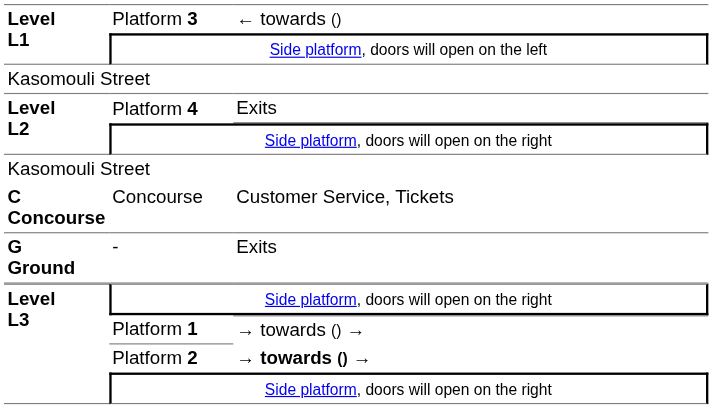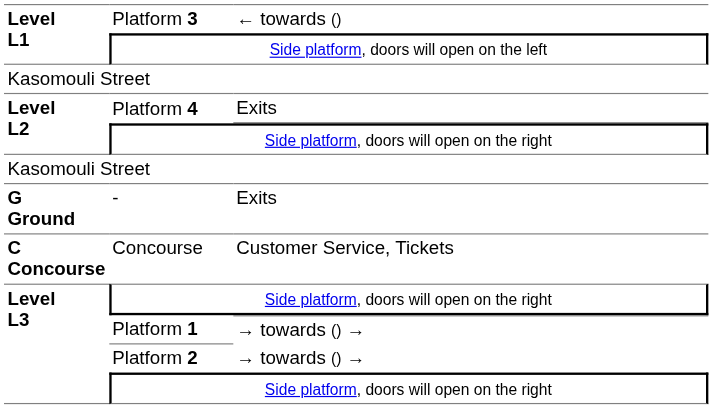 <table border=0 cellspacing=0 cellpadding=3>
 <tr>
 <td style="border-top:solid 1px gray;border-bottom:solid 1px gray;" rowspan=2 width=50 valign=top><strong>Level<br>L1</strong></td>
 <td style="border-top:solid 1px gray;">Platform <span><strong>3</strong></span></td>
 <td style="border-top:solid 1px gray;">←  towards  <small>()</small></td>
 </tr>
 <tr>
 <td style="border-bottom:solid 1px gray; border-right:solid 2px black;border-left:solid 2px black;border-top:solid 2px black;text-align:center;" colspan=2><small><a href='#'>Side platform</a>, doors will open on the left</small></td>
 </tr>
 <tr>
 <td colspan=3>Kasomouli Street</td>
 </tr>
 <tr>
 <td style="border-top:solid 1px gray;border-bottom:solid 1px gray;" rowspan=2 width=50 valign=top><strong>Level<br>L2</strong></td>
 <td style="border-top:solid 1px gray;">Platform <span><strong>4</strong></span></td>
 <td style="border-top:solid 1px gray;border-bottom:solid 1px gray;" width=400 valign=top>Exits</td>
 </tr>
 <tr>
 <td style="border-bottom:solid 1px gray; border-right:solid 2px black;border-left:solid 2px black;border-top:solid 2px black;text-align:center;" colspan=2><small><a href='#'>Side platform</a>, doors will open on the right</small></td>
 </tr>
 <tr>
 <td colspan=3>Kasomouli Street</td>
 </tr>
 <tr>
+<td style="border-bottom:solid 1px gray;border-top:solid 1px gray;" width=50 valign=top><strong>G<br>Ground</strong></td>
+<td style="border-top:solid 1px gray;border-bottom:solid 1px gray;" width=100 valign=top>-</td>
+<td style="border-top:solid 1px gray;border-bottom:solid 1px gray;" width=400 valign=top>Exits</td>
+</tr>
+<tr>
 <td valign=top><strong>C<br>Concourse</strong></td>
 <td valign=top>Concourse</td>
 <td valign=top>Customer Service, Tickets</td>
-</tr>
-<tr>
-<td style="border-bottom:solid 1px gray;border-top:solid 1px gray;" width=50 valign=top><strong>G<br>Ground</strong></td>
-<td style="border-top:solid 1px gray;border-bottom:solid 1px gray;" width=100 valign=top>-</td>
-<td style="border-top:solid 1px gray;border-bottom:solid 1px gray;" width=400 valign=top>Exits</td>
 </tr>
 <tr>
 <td style="border-top:solid 1px gray;border-bottom:solid 1px gray;" rowspan=4 valign=top><strong>Level<br>L3</strong></td>
 <td style="border-top:solid 1px gray;border-right:solid 2px black;border-left:solid 2px black;border-bottom:solid 2px black;text-align:center;" colspan=2><small><a href='#'>Side platform</a>, doors will open on the right</small></td>
 </tr>
 <tr>
 <td style="border-bottom:solid 1px gray;">Platform <span><strong>1</strong></span></td>
 <td style="border-top:solid 1px gray;"><span>→</span>  towards  <small>()</small> →</td>
 </tr>
 <tr>
 <td>Platform <span><strong>2</strong></span></td>
-<td><strong><span>→</span>  towards  <small>()</small> →</strong></td>
+<td><span>→</span>  towards  <small>()</small> →</td>
 </tr>
 <tr>
 <td style="border-bottom:solid 1px gray;border-top:solid 2px black;border-right:solid 2px black;border-left:solid 2px black;text-align:center;" colspan=2><small><a href='#'>Side platform</a>, doors will open on the right </small></td>
 </tr>
 </table>
